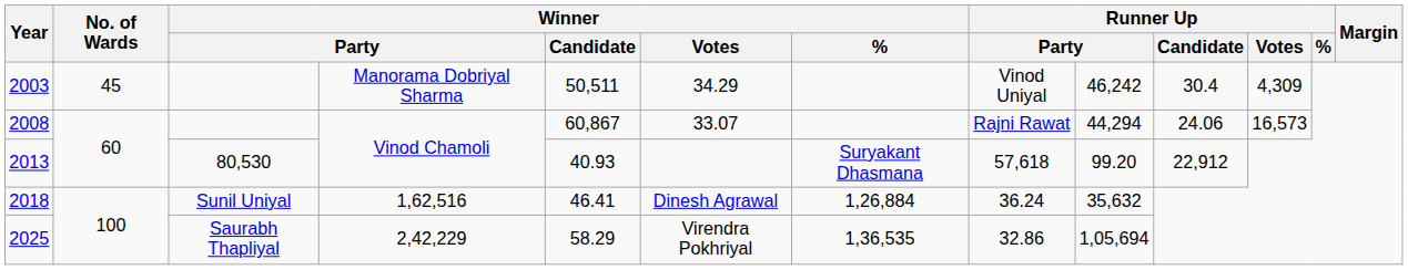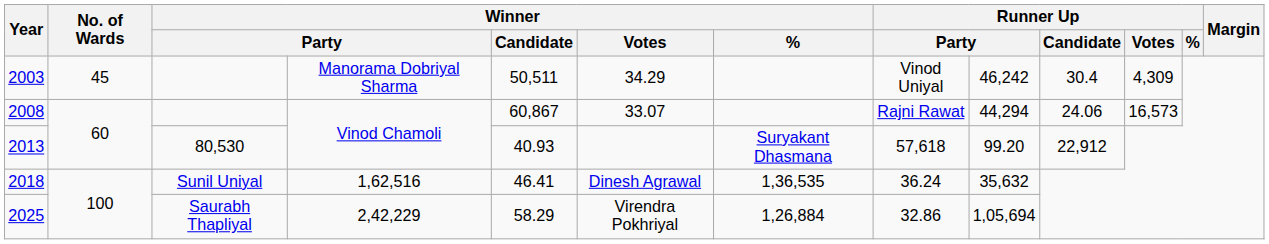 <table class="wikitable sortable" style="text-align:center;">
 <tr>
 <th rowspan="2">Year</th>
 <th rowspan="2">No. of Wards</th>
 <th colspan="5">Winner</th>
 <th colspan="5">Runner Up</th>
 <th rowspan="2">Margin</th>
 </tr>
 <tr>
 <th colspan="2">Party</th>
 <th>Candidate</th>
 <th>Votes</th>
 <th>%</th>
 <th colspan="2">Party</th>
 <th>Candidate</th>
 <th>Votes</th>
 <th>%</th>
 </tr>
 <tr>
 <td><a href='#'>2003</a></td>
 <td>45</td>
 <td></td>
 <td><a href='#'>Manorama Dobriyal Sharma</a></td>
 <td>50,511</td>
 <td>34.29</td>
 <td></td>
 <td>Vinod Uniyal</td>
 <td>46,242</td>
 <td>30.4</td>
 <td style="background:">4,309</td>
 </tr>
 <tr>
 <td><a href='#'>2008</a></td>
 <td rowspan=2>60</td>
 <td></td>
 <td rowspan=2><a href='#'>Vinod Chamoli</a></td>
 <td>60,867</td>
 <td>33.07</td>
 <td></td>
 <td><a href='#'>Rajni Rawat</a></td>
 <td>44,294</td>
 <td>24.06</td>
 <td style="background:">16,573</td>
 </tr>
 <tr>
 <td><a href='#'>2013</a></td>
 <td>80,530</td>
 <td>40.93</td>
 <td></td>
 <td><a href='#'>Suryakant Dhasmana</a></td>
 <td>57,618</td>
 <td>99.20</td>
 <td style="background:">22,912</td>
 </tr>
 <tr>
 <td><a href='#'>2018</a></td>
 <td rowspan=2>100</td>
 <td><a href='#'>Sunil Uniyal</a></td>
 <td>1,62,516</td>
 <td>46.41</td>
 <td><a href='#'>Dinesh Agrawal</a></td>
-<td>1,26,884</td>
+<td>1,36,535</td>
 <td>36.24</td>
 <td style="background:">35,632</td>
 </tr>
 <tr>
 <td><a href='#'>2025</a></td>
 <td><a href='#'>Saurabh Thapliyal</a></td>
 <td>2,42,229</td>
 <td>58.29</td>
 <td>Virendra Pokhriyal</td>
-<td>1,36,535</td>
+<td>1,26,884</td>
 <td>32.86</td>
 <td style="background:">1,05,694</td>
 </tr>
 </table>
